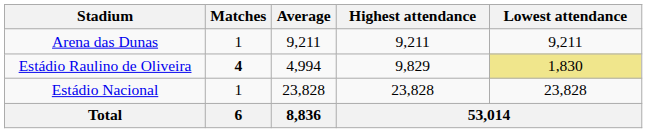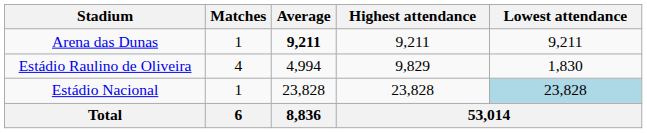 <table class="wikitable plainrowheaders sortable" style="text-align:center">
 <tr>
 <th scope="col" ! style="width:200px;">Stadium</th>
 <th scope="col" ! style="width:60px;">Matches</th>
 <th scope="col" ! style="width:60px;">Average</th>
 <th scope="col" ! style="width:150px;">Highest attendance</th>
 <th scope="col" ! style="width:150px;">Lowest attendance</th>
 </tr>
 <tr>
 <td><a href='#'>Arena das Dunas</a></td>
 <td>1</td>
-<td>9,211</td>
+<td><strong>9,211</strong></td>
 <td>9,211</td>
 <td>9,211</td>
 </tr>
 <tr>
 <td><a href='#'>Estádio Raulino de Oliveira</a></td>
-<td><strong>4</strong></td>
+<td>4</td>
 <td>4,994</td>
 <td>9,829</td>
-<td style="background: khaki;">1,830</td>
+<td>1,830</td>
 </tr>
 <tr>
 <td><a href='#'>Estádio Nacional</a></td>
 <td>1</td>
 <td>23,828</td>
 <td>23,828</td>
-<td>23,828</td>
+<td style="background: lightblue;">23,828</td>
 </tr>
 <tr>
 <th>Total</th>
 <th>6</th>
 <th>8,836</th>
 <th colspan=3>53,014</th>
 </tr>
 </table>
